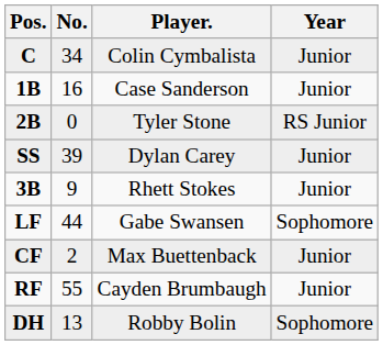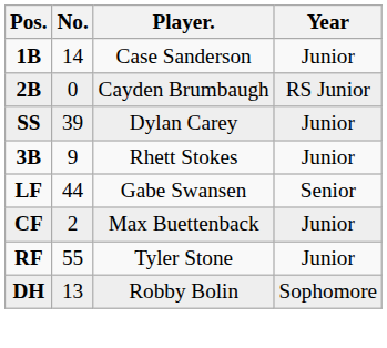 <table class="wikitable non-sortable">
 <tr>
 <th style="text-align:center; ">Pos.</th>
 <th style="text-align:center; ">No.</th>
 <th style="text-align:center; ">Player.</th>
 <th style="text-align:center; ">Year</th>
 </tr>
-<tr style="background:#eeeeee;text-align:center;">
-<td><strong>C</strong></td>
-<td>34</td>
-<td>Colin Cymbalista</td>
-<td>Junior</td>
-</tr>
 <tr style="text-align:center;">
 <td><strong>1B</strong></td>
-<td>16</td>
+<td>14</td>
 <td>Case Sanderson</td>
 <td>Junior</td>
 </tr>
 <tr style="background:#eeeeee;text-align:center;">
 <td><strong>2B</strong></td>
 <td>0</td>
-<td>Tyler Stone</td>
+<td>Cayden Brumbaugh</td>
 <td>RS Junior</td>
 </tr>
 <tr style="background:#eeeeee;text-align:center;">
 <td><strong>SS</strong></td>
 <td>39</td>
 <td>Dylan Carey</td>
 <td>Junior</td>
 </tr>
 <tr style="text-align:center;">
 <td><strong>3B</strong></td>
 <td>9</td>
 <td>Rhett Stokes</td>
 <td>Junior</td>
 </tr>
 <tr style="text-align:center;">
 <td><strong>LF</strong></td>
 <td>44</td>
 <td>Gabe Swansen</td>
-<td>Sophomore</td>
+<td>Senior</td>
 </tr>
 <tr style="background:#eeeeee;text-align:center;">
 <td><strong>CF</strong></td>
 <td>2</td>
 <td>Max Buettenback</td>
 <td>Junior</td>
 </tr>
 <tr style="text-align:center;">
 <td><strong>RF</strong></td>
 <td>55</td>
-<td>Cayden Brumbaugh</td>
+<td>Tyler Stone</td>
 <td>Junior</td>
 </tr>
 <tr style="background:#eeeeee;text-align:center;">
 <td><strong>DH</strong></td>
 <td>13</td>
 <td>Robby Bolin</td>
 <td>Sophomore</td>
 </tr>
 </table>
